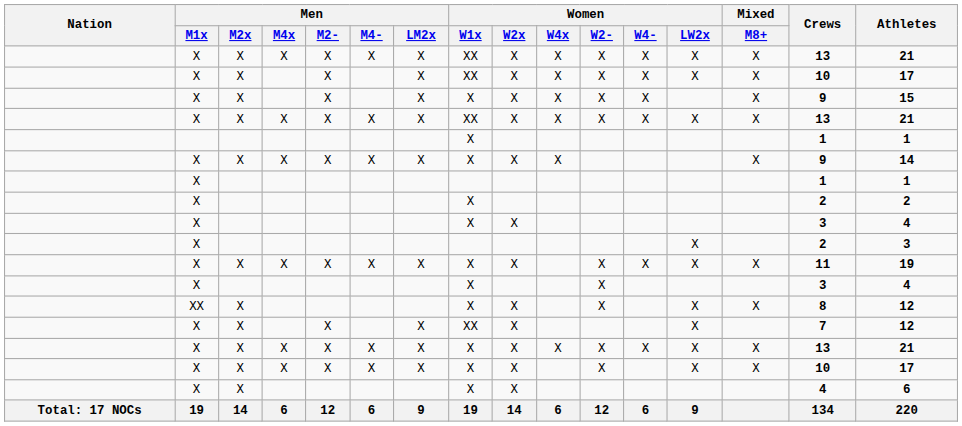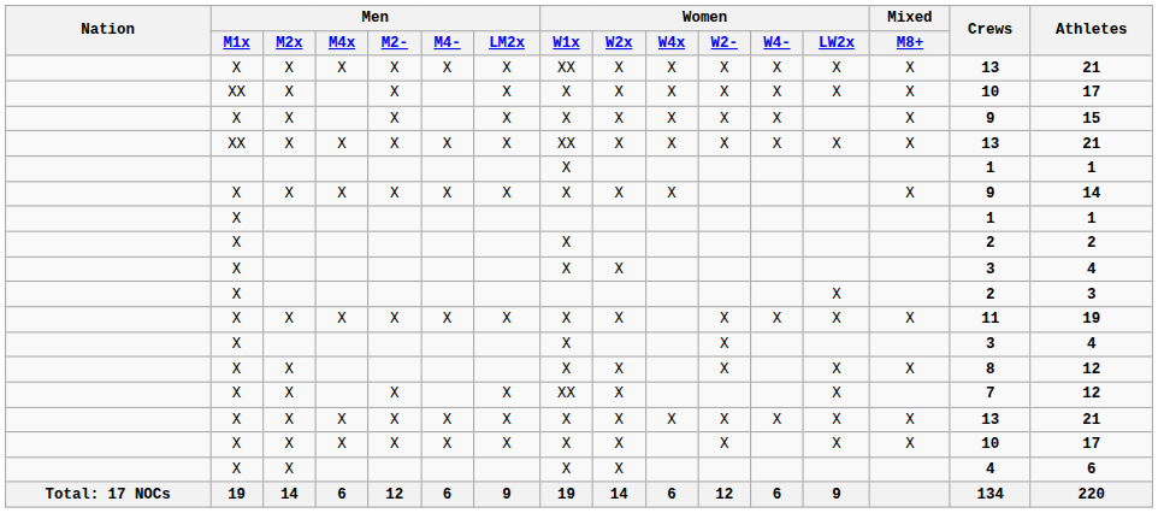 <table class="wikitable" width=900 style="text-align:center; font-size:90%">
 <tr>
 <th rowspan="2" align="left">Nation</th>
 <th colspan="6">Men</th>
 <th colspan="6">Women</th>
 <th colspan="1">Mixed</th>
 <th rowspan="2">Crews</th>
 <th rowspan=2>Athletes</th>
 </tr>
 <tr>
 <th><a href='#'>M1x</a></th>
 <th><a href='#'>M2x</a></th>
 <th><a href='#'>M4x</a></th>
 <th><a href='#'>M2-</a></th>
 <th><a href='#'>M4-</a></th>
 <th><a href='#'>LM2x</a></th>
 <th><a href='#'>W1x</a></th>
 <th><a href='#'>W2x</a></th>
 <th><a href='#'>W4x</a></th>
 <th><a href='#'>W2-</a></th>
 <th><a href='#'>W4-</a></th>
 <th><a href='#'>LW2x</a></th>
 <th><a href='#'>M8+</a></th>
 </tr>
 <tr>
 <td style="text-align:left;"></td>
 <td>X</td>
 <td>X</td>
 <td>X</td>
 <td>X</td>
 <td>X</td>
 <td>X</td>
 <td>XX</td>
 <td>X</td>
 <td>X</td>
 <td>X</td>
 <td>X</td>
 <td>X</td>
 <td>X</td>
 <td><strong>13</strong></td>
 <td><strong>21</strong></td>
 </tr>
 <tr>
 <td style="text-align:left;"></td>
-<td>X</td>
+<td>XX</td>
 <td>X</td>
 <td></td>
 <td>X</td>
 <td></td>
 <td>X</td>
-<td>XX</td>
+<td>X</td>
 <td>X</td>
 <td>X</td>
 <td>X</td>
 <td>X</td>
 <td>X</td>
 <td>X</td>
 <td><strong>10</strong></td>
 <td><strong>17</strong></td>
 </tr>
 <tr>
 <td style="text-align:left;"></td>
 <td>X</td>
 <td>X</td>
 <td></td>
 <td>X</td>
 <td></td>
 <td>X</td>
 <td>X</td>
 <td>X</td>
 <td>X</td>
 <td>X</td>
 <td>X</td>
 <td></td>
 <td>X</td>
 <td><strong>9</strong></td>
 <td><strong>15</strong></td>
 </tr>
 <tr>
 <td style="text-align:left;"></td>
-<td>X</td>
+<td>XX</td>
 <td>X</td>
 <td>X</td>
 <td>X</td>
 <td>X</td>
 <td>X</td>
 <td>XX</td>
 <td>X</td>
 <td>X</td>
 <td>X</td>
 <td>X</td>
 <td>X</td>
 <td>X</td>
 <td><strong>13</strong></td>
 <td><strong>21</strong></td>
 </tr>
 <tr>
 <td style="text-align:left;"></td>
 <td></td>
 <td></td>
 <td></td>
 <td></td>
 <td></td>
 <td></td>
 <td>X</td>
 <td></td>
 <td></td>
 <td></td>
 <td></td>
 <td></td>
 <td></td>
 <td><strong>1</strong></td>
 <td><strong>1</strong></td>
 </tr>
 <tr>
 <td style="text-align:left;"></td>
 <td>X</td>
 <td>X</td>
 <td>X</td>
 <td>X</td>
 <td>X</td>
 <td>X</td>
 <td>X</td>
 <td>X</td>
 <td>X</td>
 <td></td>
 <td></td>
 <td></td>
 <td>X</td>
 <td><strong>9</strong></td>
 <td><strong>14</strong></td>
 </tr>
 <tr>
 <td style="text-align:left;"></td>
 <td>X</td>
 <td></td>
 <td></td>
 <td></td>
 <td></td>
 <td></td>
 <td></td>
 <td></td>
 <td></td>
 <td></td>
 <td></td>
 <td></td>
 <td></td>
 <td><strong>1</strong></td>
 <td><strong>1</strong></td>
 </tr>
 <tr>
 <td style="text-align:left;"></td>
 <td>X</td>
 <td></td>
 <td></td>
 <td></td>
 <td></td>
 <td></td>
 <td>X</td>
 <td></td>
 <td></td>
 <td></td>
 <td></td>
 <td></td>
 <td></td>
 <td><strong>2</strong></td>
 <td><strong>2</strong></td>
 </tr>
 <tr>
 <td style="text-align:left;"></td>
 <td>X</td>
 <td></td>
 <td></td>
 <td></td>
 <td></td>
 <td></td>
 <td>X</td>
 <td>X</td>
 <td></td>
 <td></td>
 <td></td>
 <td></td>
 <td></td>
 <td><strong>3</strong></td>
 <td><strong>4</strong></td>
 </tr>
 <tr>
 <td style="text-align:left;"></td>
 <td>X</td>
 <td></td>
 <td></td>
 <td></td>
 <td></td>
 <td></td>
 <td></td>
 <td></td>
 <td></td>
 <td></td>
 <td></td>
 <td>X</td>
 <td></td>
 <td><strong>2</strong></td>
 <td><strong>3</strong></td>
 </tr>
 <tr>
 <td style="text-align:left;"></td>
 <td>X</td>
 <td>X</td>
 <td>X</td>
 <td>X</td>
 <td>X</td>
 <td>X</td>
 <td>X</td>
 <td>X</td>
 <td></td>
 <td>X</td>
 <td>X</td>
 <td>X</td>
 <td>X</td>
 <td><strong>11</strong></td>
 <td><strong>19</strong></td>
 </tr>
 <tr>
 <td style="text-align:left;"></td>
 <td>X</td>
 <td></td>
 <td></td>
 <td></td>
 <td></td>
 <td></td>
 <td>X</td>
 <td></td>
 <td></td>
 <td>X</td>
 <td></td>
 <td></td>
 <td></td>
 <td><strong>3</strong></td>
 <td><strong>4</strong></td>
 </tr>
 <tr>
 <td style="text-align:left;"></td>
-<td>XX</td>
+<td>X</td>
 <td>X</td>
 <td></td>
 <td></td>
 <td></td>
 <td></td>
 <td>X</td>
 <td>X</td>
 <td></td>
 <td>X</td>
 <td></td>
 <td>X</td>
 <td>X</td>
 <td><strong>8</strong></td>
 <td><strong>12</strong></td>
 </tr>
 <tr>
 <td style="text-align:left;"></td>
 <td>X</td>
 <td>X</td>
 <td></td>
 <td>X</td>
 <td></td>
 <td>X</td>
 <td>XX</td>
 <td>X</td>
 <td></td>
 <td></td>
 <td></td>
 <td>X</td>
 <td></td>
 <td><strong>7</strong></td>
 <td><strong>12</strong></td>
 </tr>
 <tr>
 <td style="text-align:left;"></td>
 <td>X</td>
 <td>X</td>
 <td>X</td>
 <td>X</td>
 <td>X</td>
 <td>X</td>
 <td>X</td>
 <td>X</td>
 <td>X</td>
 <td>X</td>
 <td>X</td>
 <td>X</td>
 <td>X</td>
 <td><strong>13</strong></td>
 <td><strong>21</strong></td>
 </tr>
 <tr>
 <td style="text-align:left;"></td>
 <td>X</td>
 <td>X</td>
 <td>X</td>
 <td>X</td>
 <td>X</td>
 <td>X</td>
 <td>X</td>
 <td>X</td>
 <td></td>
 <td>X</td>
 <td></td>
 <td>X</td>
 <td>X</td>
 <td><strong>10</strong></td>
 <td><strong>17</strong></td>
 </tr>
 <tr>
 <td style="text-align:left;"></td>
 <td>X</td>
 <td>X</td>
 <td></td>
 <td></td>
 <td></td>
 <td></td>
 <td>X</td>
 <td>X</td>
 <td></td>
 <td></td>
 <td></td>
 <td></td>
 <td></td>
 <td><strong>4</strong></td>
 <td><strong>6</strong></td>
 </tr>
 <tr>
 <th>Total: 17 NOCs</th>
 <th>19</th>
 <th>14</th>
 <th>6</th>
 <th>12</th>
 <th>6</th>
 <th>9</th>
 <th>19</th>
 <th>14</th>
 <th>6</th>
 <th>12</th>
 <th>6</th>
 <th>9</th>
 <th></th>
 <th>134</th>
 <th>220</th>
 </tr>
 </table>
